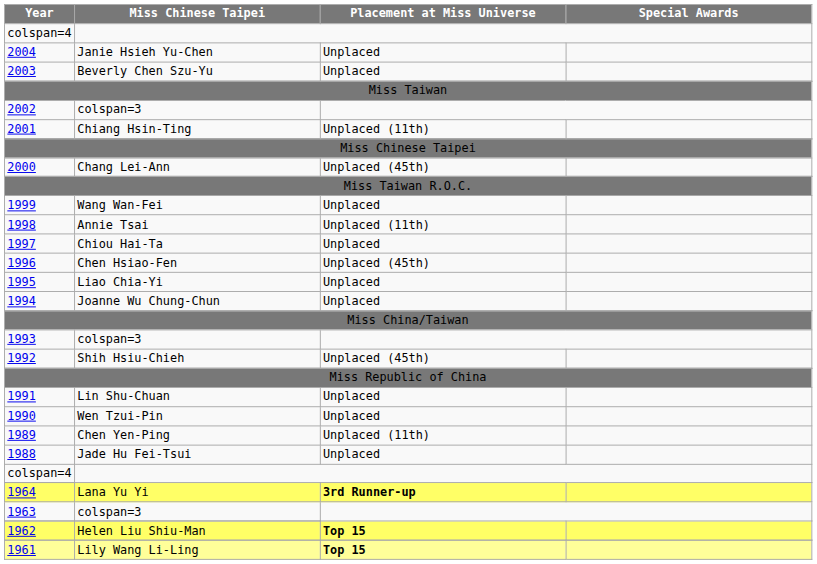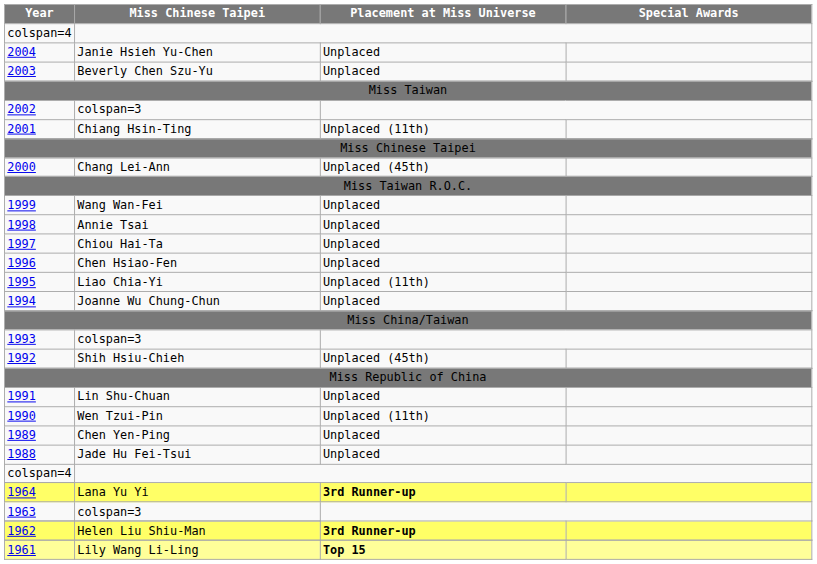 <table class="wikitable " style="font-size: 95%;">
 <tr>
 <th width="60" style="background-color:#787878;color:#FFFFFF;">Year</th>
 <th width="250" style="background-color:#787878;color:#FFFFFF;">Miss Chinese Taipei</th>
 <th width="250" style="background-color:#787878;color:#FFFFFF;">Placement at Miss Universe</th>
 <th width="250" style="background-color:#787878;color:#FFFFFF;">Special Awards</th>
 </tr>
 <tr>
 <td>colspan=4 </td>
 </tr>
 <tr>
 <td><a href='#'>2004</a></td>
 <td>Janie Hsieh Yu-Chen</td>
 <td>Unplaced</td>
 <td></td>
 </tr>
 <tr>
 <td><a href='#'>2003</a></td>
 <td>Beverly Chen Szu-Yu</td>
 <td>Unplaced</td>
 <td></td>
 </tr>
 <tr>
 </tr>
 <tr bgcolor="#787878" align="center">
 <td colspan="4"><span>Miss Taiwan</span></td>
 </tr>
 <tr>
 <td><a href='#'>2002</a></td>
 <td>colspan=3 </td>
 </tr>
 <tr>
 <td><a href='#'>2001</a></td>
 <td>Chiang Hsin-Ting</td>
 <td>Unplaced (11th)</td>
 <td></td>
 </tr>
 <tr>
 </tr>
 <tr bgcolor="#787878" align="center">
 <td colspan="4"><span>Miss Chinese Taipei</span></td>
 </tr>
 <tr>
 <td><a href='#'>2000</a></td>
 <td>Chang Lei-Ann</td>
 <td>Unplaced (45th)</td>
 <td></td>
 </tr>
 <tr>
 </tr>
 <tr bgcolor="#787878" align="center">
 <td colspan="4"><span>Miss Taiwan R.O.C.</span></td>
 </tr>
 <tr>
 <td><a href='#'>1999</a></td>
 <td>Wang Wan-Fei</td>
 <td>Unplaced</td>
 <td></td>
 </tr>
 <tr>
 <td><a href='#'>1998</a></td>
 <td>Annie Tsai</td>
-<td>Unplaced (11th)</td>
+<td>Unplaced</td>
 <td></td>
 </tr>
 <tr>
 <td><a href='#'>1997</a></td>
 <td>Chiou Hai-Ta</td>
 <td>Unplaced</td>
 <td></td>
 </tr>
 <tr>
 <td><a href='#'>1996</a></td>
 <td>Chen Hsiao-Fen</td>
-<td>Unplaced (45th)</td>
+<td>Unplaced</td>
 <td></td>
 </tr>
 <tr>
 <td><a href='#'>1995</a></td>
 <td>Liao Chia-Yi</td>
-<td>Unplaced</td>
+<td>Unplaced (11th)</td>
 <td></td>
 </tr>
 <tr>
 <td><a href='#'>1994</a></td>
 <td>Joanne Wu Chung-Chun</td>
 <td>Unplaced</td>
 <td></td>
 </tr>
 <tr>
 </tr>
 <tr bgcolor="#787878" align="center">
 <td colspan="4"><span>Miss China/Taiwan</span></td>
 </tr>
 <tr>
 <td><a href='#'>1993</a></td>
 <td>colspan=3 </td>
 </tr>
 <tr>
 <td><a href='#'>1992</a></td>
 <td>Shih Hsiu-Chieh</td>
 <td>Unplaced (45th)</td>
 <td></td>
 </tr>
 <tr>
 </tr>
 <tr bgcolor="#787878" align="center">
 <td colspan="4"><span>Miss Republic of China</span></td>
 </tr>
 <tr>
 <td><a href='#'>1991</a></td>
 <td>Lin Shu-Chuan</td>
 <td>Unplaced</td>
 <td></td>
 </tr>
 <tr>
 <td><a href='#'>1990</a></td>
 <td>Wen Tzui-Pin</td>
-<td>Unplaced</td>
+<td>Unplaced (11th)</td>
 <td></td>
 </tr>
 <tr>
 <td><a href='#'>1989</a></td>
 <td>Chen Yen-Ping</td>
-<td>Unplaced (11th)</td>
+<td>Unplaced</td>
 <td></td>
 </tr>
 <tr>
 <td><a href='#'>1988</a></td>
 <td>Jade Hu Fei-Tsui</td>
 <td>Unplaced</td>
 <td></td>
 </tr>
 <tr>
 <td>colspan=4 </td>
 </tr>
 <tr>
 </tr>
 <tr style="background-color:#FFFF66; font-weight:">
 <td><a href='#'>1964</a></td>
 <td>Lana Yu Yi</td>
 <td><strong>3rd Runner-up</strong></td>
 <td></td>
 </tr>
 <tr>
 <td><a href='#'>1963</a></td>
 <td>colspan=3 </td>
 </tr>
 <tr>
 </tr>
 <tr style="background-color:#FFFF66; font-weight:">
 <td><a href='#'>1962</a></td>
 <td>Helen Liu Shiu-Man</td>
-<td><strong>Top 15</strong></td>
+<td><strong>3rd Runner-up</strong></td>
 <td></td>
 </tr>
 <tr>
 </tr>
 <tr style="background-color:#FFFF99; font-weight:">
 <td><a href='#'>1961</a></td>
 <td>Lily Wang Li-Ling</td>
 <td><strong>Top 15</strong></td>
 <td></td>
 </tr>
 </table>
